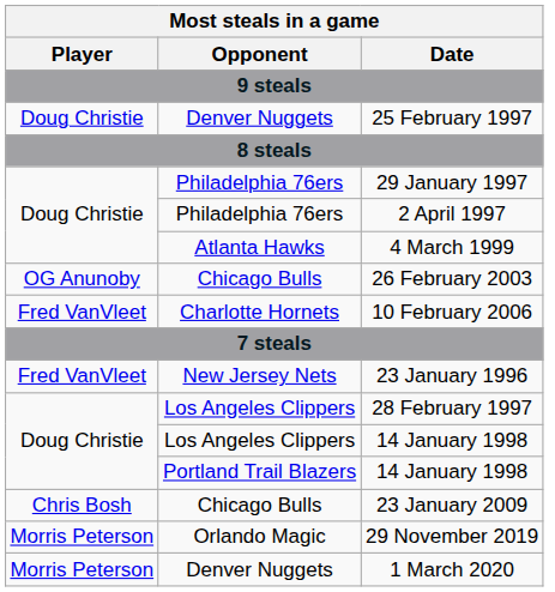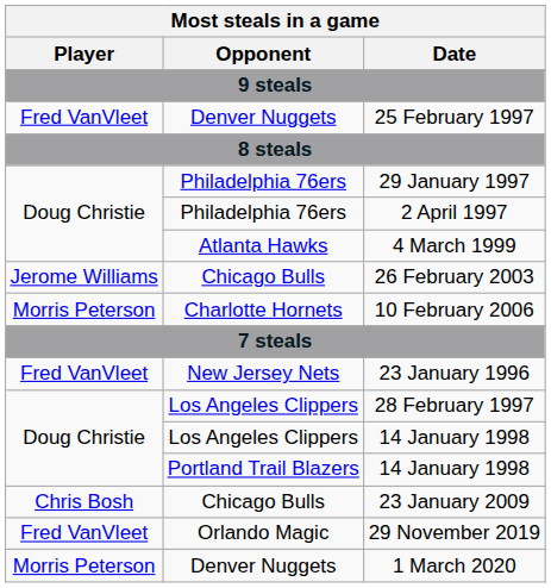 <table class="wikitable" style="text-align:center">
 <tr>
 <th colspan="3">Most steals in a game</th>
 </tr>
 <tr>
 <th>Player</th>
 <th>Opponent</th>
 <th>Date</th>
 </tr>
 <tr>
 <th colspan="3" style="text-align:center; background:#A1A1A4; color:#061922;">9 steals</th>
 </tr>
 <tr>
-<td><a href='#'>Doug Christie</a></td>
+<td><a href='#'>Fred VanVleet</a></td>
 <td><a href='#'>Denver Nuggets</a></td>
 <td>25 February 1997</td>
 </tr>
 <tr>
 <th colspan="3" style="text-align:center; background:#A1A1A4; color:#061922;">8 steals</th>
 </tr>
 <tr>
 <td rowspan=3>Doug Christie</td>
 <td><a href='#'>Philadelphia 76ers</a></td>
 <td>29 January 1997</td>
 </tr>
 <tr>
 <td>Philadelphia 76ers</td>
 <td>2 April 1997</td>
 </tr>
 <tr>
 <td><a href='#'>Atlanta Hawks</a></td>
 <td>4 March 1999</td>
 </tr>
 <tr>
-<td><a href='#'>OG Anunoby</a></td>
+<td><a href='#'>Jerome Williams</a></td>
 <td><a href='#'>Chicago Bulls</a></td>
 <td>26 February 2003</td>
 </tr>
 <tr>
-<td><a href='#'>Fred VanVleet</a></td>
+<td><a href='#'>Morris Peterson</a></td>
 <td><a href='#'>Charlotte Hornets</a></td>
 <td>10 February 2006</td>
 </tr>
 <tr>
 <th colspan="3" style="text-align:center; background:#A1A1A4; color:#061922;">7 steals</th>
 </tr>
 <tr>
 <td><a href='#'>Fred VanVleet</a></td>
 <td><a href='#'>New Jersey Nets</a></td>
 <td>23 January 1996</td>
 </tr>
 <tr>
 <td rowspan=3>Doug Christie</td>
 <td><a href='#'>Los Angeles Clippers</a></td>
 <td>28 February 1997</td>
 </tr>
 <tr>
 <td>Los Angeles Clippers</td>
 <td>14 January 1998</td>
 </tr>
 <tr>
 <td><a href='#'>Portland Trail Blazers</a></td>
 <td>14 January 1998</td>
 </tr>
 <tr>
 <td><a href='#'>Chris Bosh</a></td>
 <td>Chicago Bulls</td>
 <td>23 January 2009</td>
 </tr>
 <tr>
-<td><a href='#'>Morris Peterson</a></td>
+<td><a href='#'>Fred VanVleet</a></td>
 <td>Orlando Magic</td>
 <td>29 November 2019</td>
 </tr>
 <tr>
 <td><a href='#'>Morris Peterson</a></td>
 <td>Denver Nuggets</td>
 <td>1 March 2020</td>
 </tr>
 </table>
